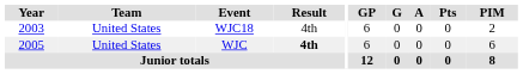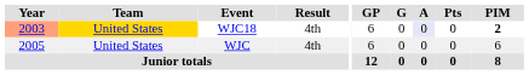 <table border="0" cellpadding="1" cellspacing="0" ID="Table3" style="text-align:center; width:40em">
 <tr ALIGN="center" bgcolor="#e0e0e0">
 <th>Year</th>
 <th>Team</th>
 <th>Event</th>
 <th>Result</th>
 <th rowspan="99" bgcolor="#ffffff"></th>
 <th>GP</th>
 <th>G</th>
 <th>A</th>
 <th>Pts</th>
 <th>PIM</th>
 </tr>
 <tr>
-<td><a href='#'>2003</a></td>
-<td><a href='#'>United States</a></td>
+<td style="background: lightsalmon;"><a href='#'>2003</a></td>
+<td style="background: gold;"><a href='#'>United States</a></td>
 <td><a href='#'>WJC18</a></td>
 <td>4th</td>
 <td>6</td>
 <td>0</td>
+<td style="background: lavender;">0</td>
 <td>0</td>
-<td>0</td>
-<td>2</td>
+<td><strong>2</strong></td>
 </tr>
 <tr bgcolor="#f0f0f0">
 <td><a href='#'>2005</a></td>
 <td><a href='#'>United States</a></td>
 <td><a href='#'>WJC</a></td>
-<td><strong>4th</strong></td>
+<td>4th</td>
 <td>6</td>
 <td>0</td>
 <td>0</td>
 <td>0</td>
 <td>6</td>
 </tr>
 <tr bgcolor="#e0e0e0">
 <th colspan="4">Junior totals</th>
 <th>12</th>
 <th>0</th>
 <th>0</th>
 <th>0</th>
 <th>8</th>
 </tr>
 </table>
